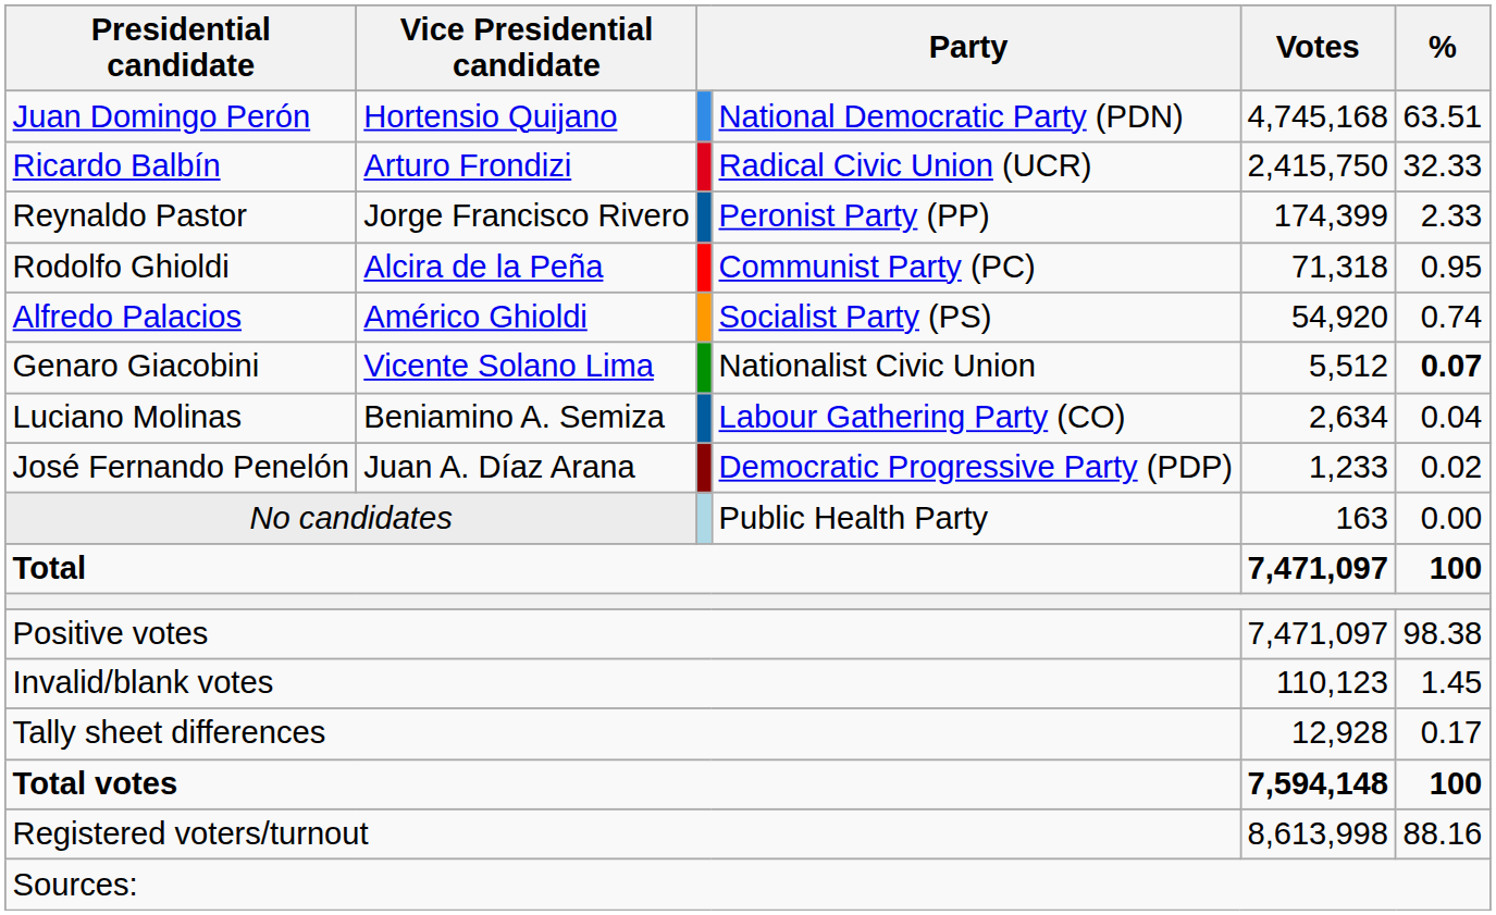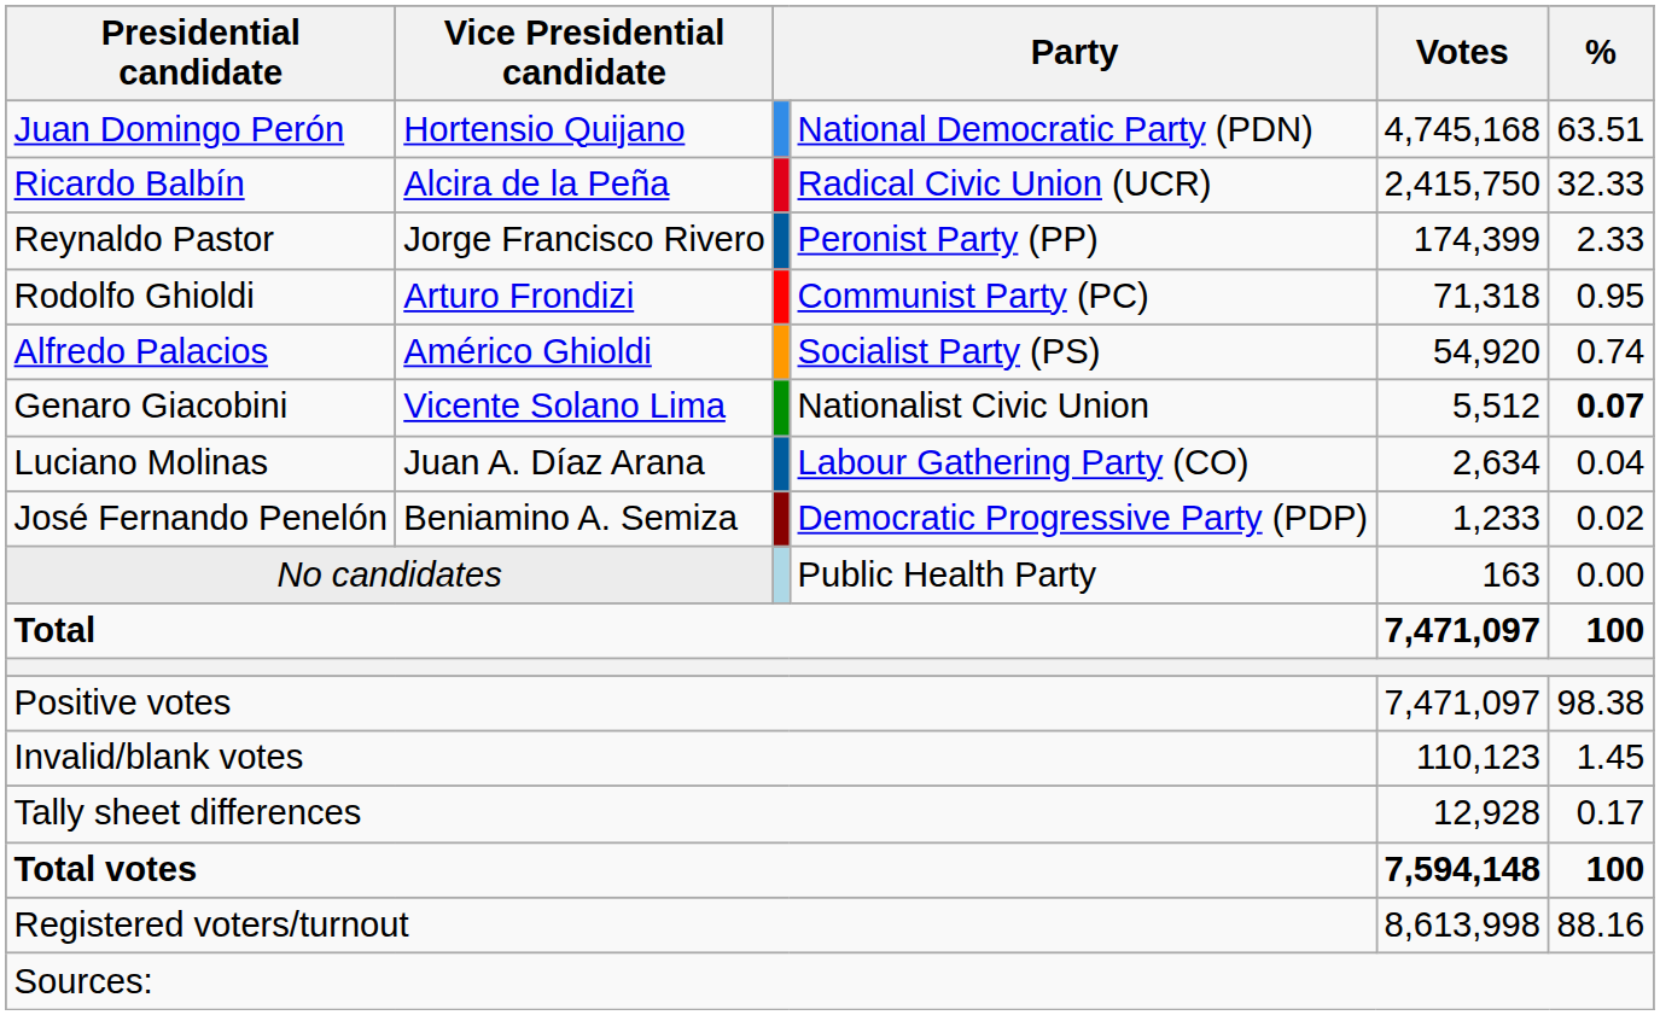 <table class="wikitable" style="text-align:right;">
 <tr>
 <th>Presidential<br>candidate</th>
 <th>Vice Presidential<br>candidate</th>
 <th colspan=2>Party</th>
 <th>Votes</th>
 <th>%</th>
 </tr>
 <tr>
 <td align=left><a href='#'>Juan Domingo Perón</a></td>
 <td align=left><a href='#'>Hortensio Quijano</a></td>
 <td bgcolor=#318CE7></td>
 <td align=left><a href='#'>National Democratic Party</a> (PDN)</td>
 <td>4,745,168</td>
 <td>63.51</td>
 </tr>
 <tr>
 <td align=left><a href='#'>Ricardo Balbín</a></td>
-<td align=left><a href='#'>Arturo Frondizi</a></td>
+<td align=left><a href='#'>Alcira de la Peña</a></td>
 <td bgcolor=#E10019></td>
 <td align=left><a href='#'>Radical Civic Union</a> (UCR)</td>
 <td>2,415,750</td>
 <td>32.33</td>
 </tr>
 <tr>
 <td align=left>Reynaldo Pastor</td>
 <td align=left>Jorge Francisco Rivero</td>
 <td bgcolor=#005C9E></td>
 <td align=left><a href='#'>Peronist Party</a> (PP)</td>
 <td>174,399</td>
 <td>2.33</td>
 </tr>
 <tr>
 <td align=left>Rodolfo Ghioldi</td>
-<td align=left><a href='#'>Alcira de la Peña</a></td>
+<td align=left><a href='#'>Arturo Frondizi</a></td>
 <td bgcolor=#FF0000></td>
 <td align=left><a href='#'>Communist Party</a> (PC)</td>
 <td>71,318</td>
 <td>0.95</td>
 </tr>
 <tr>
 <td align=left><a href='#'>Alfredo Palacios</a></td>
 <td align=left><a href='#'>Américo Ghioldi</a></td>
 <td bgcolor=#FF9900></td>
 <td align=left><a href='#'>Socialist Party</a> (PS)</td>
 <td>54,920</td>
 <td>0.74</td>
 </tr>
 <tr>
 <td align=left>Genaro Giacobini</td>
 <td align=left><a href='#'>Vicente Solano Lima</a></td>
 <td bgcolor=#009000></td>
 <td align=left>Nationalist Civic Union</td>
 <td>5,512</td>
 <td><strong>0.07</strong></td>
 </tr>
 <tr>
 <td align=left>Luciano Molinas</td>
-<td align=left>Beniamino A. Semiza</td>
+<td align=left>Juan A. Díaz Arana</td>
 <td bgcolor=#005C9E></td>
 <td align=left><a href='#'>Labour Gathering Party</a> (CO)</td>
 <td>2,634</td>
 <td>0.04</td>
 </tr>
 <tr>
 <td align=left>José Fernando Penelón</td>
-<td align=left>Juan A. Díaz Arana</td>
+<td align=left>Beniamino A. Semiza</td>
 <td bgcolor=#880000></td>
 <td align=left><a href='#'>Democratic Progressive Party</a> (PDP)</td>
 <td>1,233</td>
 <td>0.02</td>
 </tr>
 <tr>
 <td colspan=2 bgcolor=ECECEC align=center><em>No candidates</em></td>
 <td bgcolor=lightblue></td>
 <td align=left>Public Health Party</td>
 <td>163</td>
 <td>0.00</td>
 </tr>
 <tr style="font-weight:bold">
 <td colspan=4 align=left>Total</td>
 <td>7,471,097</td>
 <td>100</td>
 </tr>
 <tr>
 <th colspan=6></th>
 </tr>
 <tr>
 <td colspan=4 align=left>Positive votes</td>
 <td>7,471,097</td>
 <td>98.38</td>
 </tr>
 <tr>
 <td colspan=4 align=left>Invalid/blank votes</td>
 <td>110,123</td>
 <td>1.45</td>
 </tr>
 <tr>
 <td colspan=4 align=left>Tally sheet differences</td>
 <td>12,928</td>
 <td>0.17</td>
 </tr>
 <tr style="font-weight:bold">
 <td colspan=4 align=left>Total votes</td>
 <td>7,594,148</td>
 <td>100</td>
 </tr>
 <tr>
 <td colspan=4 align=left>Registered voters/turnout</td>
 <td>8,613,998</td>
 <td>88.16</td>
 </tr>
 <tr>
 <td colspan=6 align=left>Sources:</td>
 </tr>
 </table>
